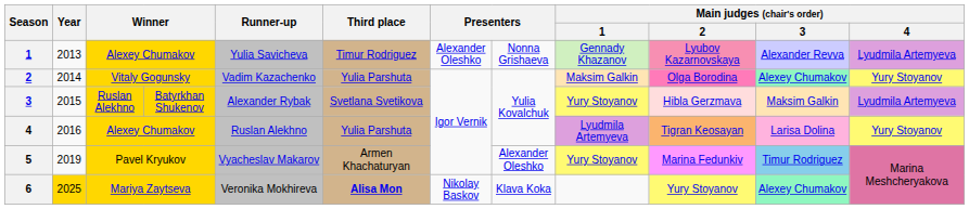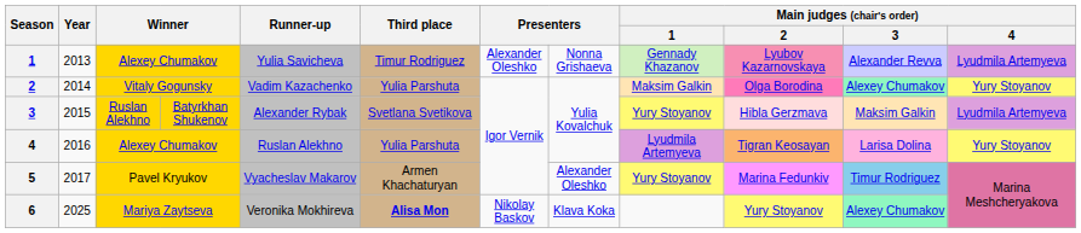 <table class="wikitable" style="text-align:center; font-size:90%; line-height:16px;" width="100%">
 <tr>
 <th rowspan=2 scope="col" width="1%">Season</th>
 <th rowspan=2 scope="col" width="1%">Year</th>
 <th rowspan=2 colspan=2 scope="col" width="8%">Winner</th>
 <th rowspan=2 scope="col" width="8%">Runner-up</th>
 <th rowspan=2 scope="col" width="8%">Third place</th>
 <th rowspan=2 colspan=2 scope="col" width="4%">Presenters</th>
 <th colspan=4 scope="col">Main judges <small>(chair's order)</small></th>
 </tr>
 <tr>
 <th scope="col" width="7%">1</th>
 <th scope="col" width="7%">2</th>
 <th scope="col" width="7%">3</th>
 <th scope="col" width="7%">4</th>
 </tr>
 <tr>
 <th><a href='#'>1</a></th>
 <td>2013</td>
 <td colspan=2 style="background:gold;"><a href='#'>Alexey Chumakov</a></td>
 <td style="background:silver;"><a href='#'>Yulia Savicheva</a></td>
 <td style="background:tan;"><a href='#'>Timur Rodriguez</a></td>
 <td><a href='#'>Alexander Oleshko</a></td>
 <td><a href='#'>Nonna Grishaeva</a></td>
 <td style="background:#d0f0c0"><a href='#'>Gennady Khazanov</a></td>
 <td style="background:#f78fb2"><a href='#'>Lyubov Kazarnovskaya</a></td>
 <td style="background:#ccccff"><a href='#'>Alexander Revva</a></td>
 <td style="background:#dda0dd"><a href='#'>Lyudmila Artemyeva</a></td>
 </tr>
 <tr>
 <th><a href='#'>2</a></th>
 <td>2014</td>
 <td colspan=2 style="background:gold;"><a href='#'>Vitaly Gogunsky</a></td>
 <td style="background:silver;"><a href='#'>Vadim Kazachenko</a></td>
 <td style="background:tan;"><a href='#'>Yulia Parshuta</a></td>
 <td rowspan=4><a href='#'>Igor Vernik</a></td>
 <td rowspan=3><a href='#'>Yulia Kovalchuk</a></td>
 <td style="background:#ffe5b4"><a href='#'>Maksim Galkin</a></td>
 <td style="background:#ff7ab9"><a href='#'>Olga Borodina</a></td>
 <td style="background:#8ff7c0"><a href='#'>Alexey Chumakov</a></td>
 <td style="background:#fffa73"><a href='#'>Yury Stoyanov</a></td>
 </tr>
 <tr>
 <th><a href='#'>3</a></th>
 <td>2015</td>
 <td style="background:gold;"><a href='#'>Ruslan Alekhno</a></td>
 <td style="background:gold;"><a href='#'>Batyrkhan Shukenov</a></td>
 <td style="background:silver;"><a href='#'>Alexander Rybak</a></td>
 <td style="background:tan;"><a href='#'>Svetlana Svetikova</a></td>
 <td style="background:#fffa73"><a href='#'>Yury Stoyanov</a></td>
 <td style="background:#ffdddd"><a href='#'>Hibla Gerzmava</a></td>
 <td style="background:#ffe5b4"><a href='#'>Maksim Galkin</a></td>
 <td style="background:#dda0dd"><a href='#'>Lyudmila Artemyeva</a></td>
 </tr>
 <tr>
 <th>4</th>
 <td>2016</td>
 <td colspan=2 style="background:gold;"><a href='#'>Alexey Chumakov</a></td>
 <td style="background:silver;"><a href='#'>Ruslan Alekhno</a></td>
 <td style="background:tan;"><a href='#'>Yulia Parshuta</a></td>
 <td style="background:#dda0dd"><a href='#'>Lyudmila Artemyeva</a></td>
 <td style="background:#fbb46e"><a href='#'>Tigran Keosayan</a></td>
 <td style="background:#ffb3de"><a href='#'>Larisa Dolina</a></td>
 <td style="background:#fffa73"><a href='#'>Yury Stoyanov</a></td>
 </tr>
 <tr>
 <th>5</th>
-<td>2019</td>
+<td>2017</td>
 <td colspan=2 style="background:gold;">Pavel Kryukov</td>
 <td style="background:silver;"><a href='#'>Vyacheslav Makarov</a></td>
 <td style="background:tan;">Armen Khachaturyan</td>
 <td><a href='#'>Alexander Oleshko</a></td>
 <td style="background:#fffa73"><a href='#'>Yury Stoyanov</a></td>
 <td style="background:#ff99ff"><a href='#'>Marina Fedunkiv</a></td>
 <td style="background:#87ceeb"><a href='#'>Timur Rodriguez</a></td>
 <td rowspan=2 style="background:#df74a4;">Marina Meshcheryakova</td>
 </tr>
 <tr>
 <th>6</th>
-<td style="background: gold;">2025</td>
+<td>2025</td>
 <td colspan=2 style="background:gold;"><a href='#'>Mariya Zaytseva</a></td>
 <td style="background:silver;">Veronika Mokhireva</td>
 <td style="background:tan;"><strong><a href='#'>Alisa Mon</a></strong></td>
 <td><a href='#'>Nikolay Baskov</a></td>
 <td><a href='#'>Klava Koka</a></td>
 <td></td>
 <td style="background:#fffa73"><a href='#'>Yury Stoyanov</a></td>
 <td style="background:#8ff7c0"><a href='#'>Alexey Chumakov</a></td>
 </tr>
 </table>
